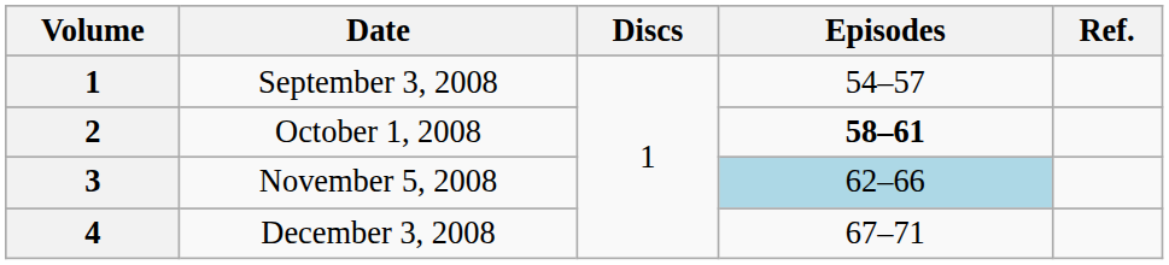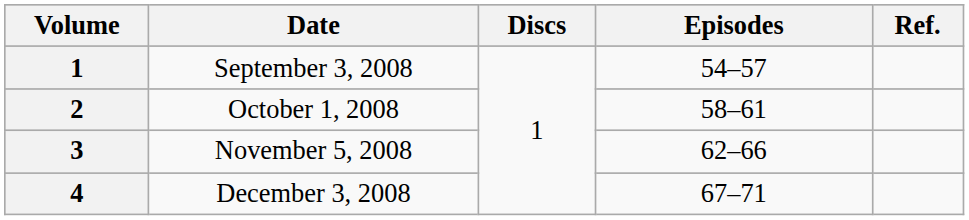 <table class="wikitable" style="text-align:center;">
 <tr>
 <th scope="col" style="width:5em;">Volume</th>
 <th scope="col" style="width:12em;">Date</th>
 <th scope="col" style="width:4em;">Discs</th>
 <th scope="col" style="width:10em;">Episodes</th>
 <th scope="col" style="width:3em;">Ref.</th>
 </tr>
 <tr>
 <th scope="row">1</th>
 <td>September 3, 2008</td>
 <td rowspan="4">1</td>
 <td>54–57</td>
 <td></td>
 </tr>
 <tr>
 <th scope="row">2</th>
 <td>October 1, 2008</td>
-<td><strong>58–61</strong></td>
+<td>58–61</td>
 <td></td>
 </tr>
 <tr>
 <th scope="row">3</th>
 <td>November 5, 2008</td>
-<td style="background: lightblue;">62–66</td>
+<td>62–66</td>
 <td></td>
 </tr>
 <tr>
 <th scope="row">4</th>
 <td>December 3, 2008</td>
 <td>67–71</td>
 <td></td>
 </tr>
 </table>
